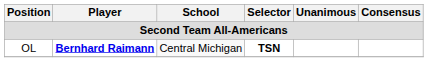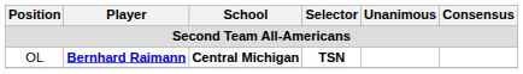 <table class="wikitable" border="0">
 <tr>
 <th>Position</th>
 <th>Player</th>
 <th>School</th>
 <th>Selector</th>
 <th>Unanimous</th>
 <th>Consensus</th>
 </tr>
 <tr>
 <td colspan="6" style="text-align:center; background:#ddd;"><strong>Second Team All-Americans</strong></td>
 </tr>
 <tr style="text-align:center;">
 <td style="background:white">OL</td>
 <td style="background:white"><strong><a href='#'>Bernhard Raimann</a></strong></td>
-<td style=>Central Michigan</td>
+<td style=><strong>Central Michigan</strong></td>
 <td style="background:white"><strong>TSN</strong></td>
 <td style="background:white"></td>
 <td style="background:white"></td>
 </tr>
 <tr>
 </tr>
 </table>
